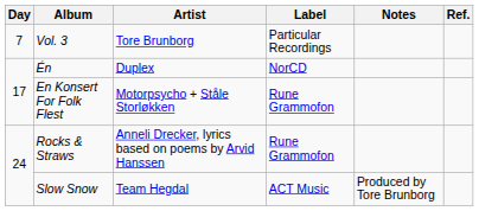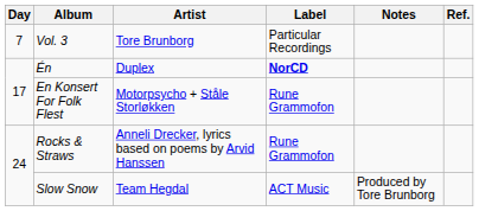 <table class="wikitable">
 <tr>
 <th>Day</th>
 <th>Album</th>
 <th>Artist</th>
 <th>Label</th>
 <th>Notes</th>
 <th>Ref.</th>
 </tr>
 <tr>
 <td rowspan="1" style="text-align:center;">7</td>
 <td><em>Vol. 3</em></td>
 <td><a href='#'>Tore Brunborg</a></td>
 <td>Particular Recordings</td>
 <td></td>
 <td style="text-align:center;"></td>
 </tr>
 <tr>
 <td rowspan="2" style="text-align:center;">17</td>
 <td><em>Én</em></td>
 <td><a href='#'>Duplex</a></td>
-<td><a href='#'>NorCD</a></td>
+<td><strong><a href='#'>NorCD</a></strong></td>
 <td></td>
 <td style="text-align:center;"></td>
 </tr>
 <tr>
 <td><em>En Konsert For Folk Flest</em></td>
 <td><a href='#'>Motorpsycho</a> + <a href='#'>Ståle Storløkken</a></td>
 <td><a href='#'>Rune Grammofon</a></td>
 <td></td>
 <td style="text-align:center;"></td>
 </tr>
 <tr>
 <td rowspan="2" style="text-align:center;">24</td>
 <td><em>Rocks & Straws</em></td>
 <td><a href='#'>Anneli Drecker</a>, lyrics based on poems by <a href='#'>Arvid Hanssen</a></td>
 <td><a href='#'>Rune Grammofon</a></td>
 <td></td>
 <td style="text-align:center;"></td>
 </tr>
 <tr>
 <td><em>Slow Snow</em></td>
 <td><a href='#'>Team Hegdal</a></td>
 <td><a href='#'>ACT Music</a></td>
 <td>Produced by Tore Brunborg</td>
 <td style="text-align:center;"></td>
 </tr>
 </table>
